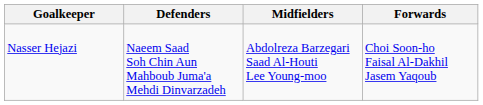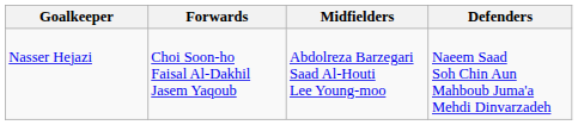 <table class="wikitable">
 <tr>
 <th width=180>Goalkeeper</th>
+<th width=180>Forwards</th>
+<th width=180>Midfielders</th>
 <th width=180>Defenders</th>
-<th width=180>Midfielders</th>
-<th width=180>Forwards</th>
 </tr>
 <tr>
 <td align=left valign=top><br> <a href='#'>Nasser Hejazi</a></td>
+<td align=left valign=top><br> <a href='#'>Choi Soon-ho</a><br>  <a href='#'>Faisal Al-Dakhil</a><br>  <a href='#'>Jasem Yaqoub</a></td>
+<td align=left valign=top><br> <a href='#'>Abdolreza Barzegari</a><br>  <a href='#'>Saad Al-Houti</a><br>  <a href='#'>Lee Young-moo</a></td>
 <td align=left valign=top><br> <a href='#'>Naeem Saad</a><br>  <a href='#'>Soh Chin Aun</a><br>  <a href='#'>Mahboub Juma'a</a><br>  <a href='#'>Mehdi Dinvarzadeh</a></td>
-<td align=left valign=top><br> <a href='#'>Abdolreza Barzegari</a><br>  <a href='#'>Saad Al-Houti</a><br>  <a href='#'>Lee Young-moo</a></td>
-<td align=left valign=top><br> <a href='#'>Choi Soon-ho</a><br>  <a href='#'>Faisal Al-Dakhil</a><br>  <a href='#'>Jasem Yaqoub</a></td>
 </tr>
 </table>
